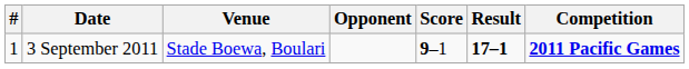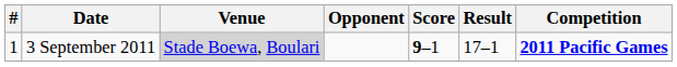 <table class="wikitable" style="text-align:left;">
 <tr>
 <th>#</th>
 <th>Date</th>
 <th>Venue</th>
 <th>Opponent</th>
 <th>Score</th>
 <th>Result</th>
 <th>Competition</th>
 </tr>
 <tr>
 <td>1</td>
 <td>3 September 2011</td>
-<td><a href='#'>Stade Boewa</a>, <a href='#'>Boulari</a></td>
+<td style="background: lightgrey;"><a href='#'>Stade Boewa</a>, <a href='#'>Boulari</a></td>
 <td></td>
 <td><strong>9</strong>–1</td>
-<td><strong>17–1</strong></td>
+<td>17–1</td>
 <td><strong><a href='#'>2011 Pacific Games</a></strong></td>
 </tr>
 <tr>
 </tr>
 </table>
